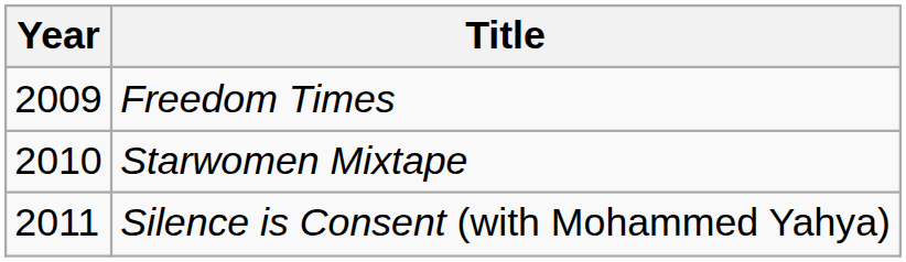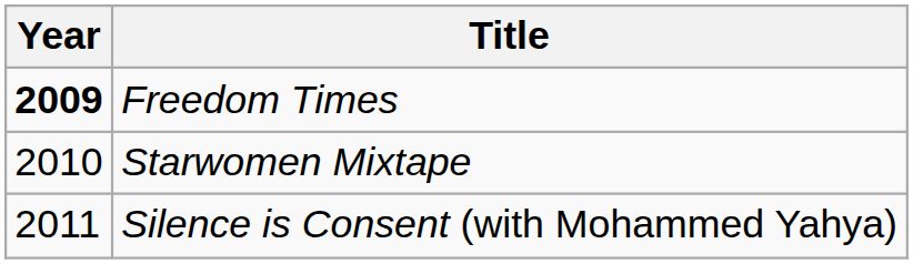 <table class="wikitable">
 <tr>
 <th>Year</th>
 <th>Title</th>
 </tr>
 <tr>
-<td>2009</td>
+<td><strong>2009</strong></td>
 <td><em>Freedom Times</em></td>
 </tr>
 <tr>
 <td>2010</td>
 <td><em>Starwomen Mixtape</em></td>
 </tr>
 <tr>
 <td>2011</td>
 <td><em>Silence is Consent</em> (with Mohammed Yahya)</td>
 </tr>
 </table>
